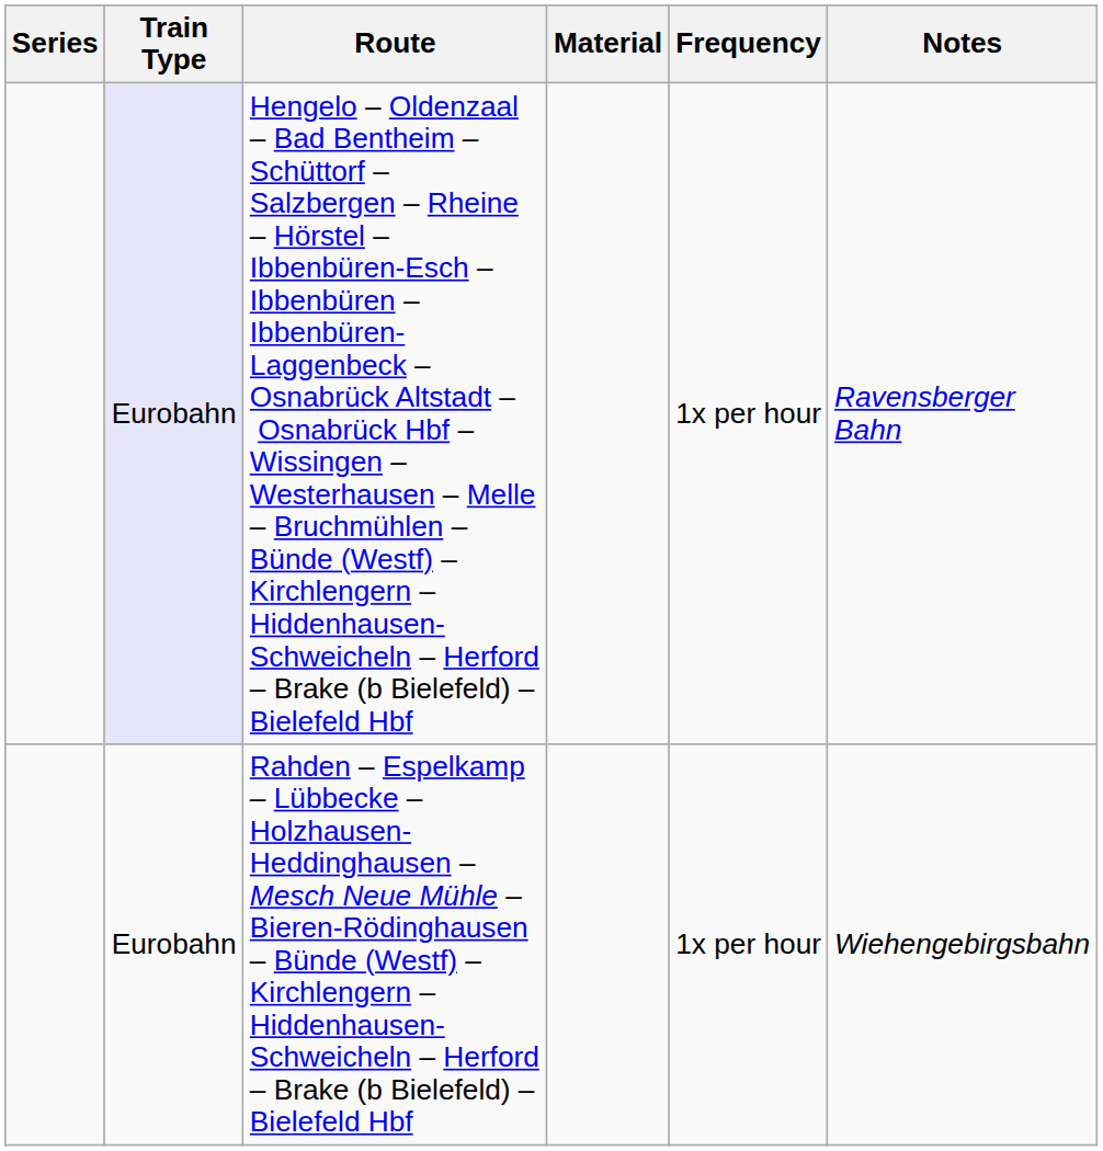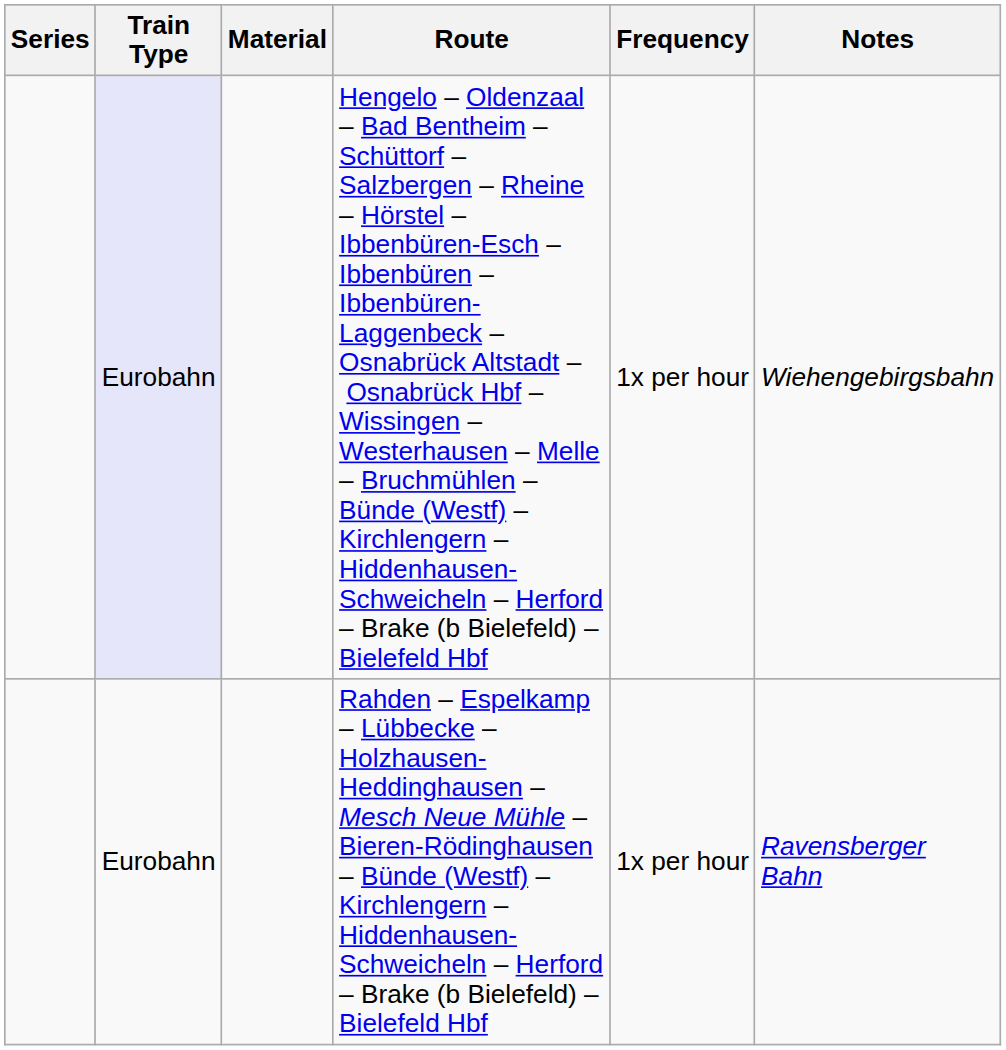 <table class="wikitable vatop">
 <tr>
 <th>Series</th>
 <th>Train Type</th>
+<th>Material</th>
 <th>Route</th>
-<th>Material</th>
 <th>Frequency</th>
 <th>Notes</th>
 </tr>
 <tr>
 <td></td>
 <td style="background: lavender;">Eurobahn</td>
+<td></td>
 <td><a href='#'>Hengelo</a> – <a href='#'>Oldenzaal</a> – <a href='#'>Bad Bentheim</a> – <a href='#'>Schüttorf</a> – <a href='#'>Salzbergen</a> – <a href='#'>Rheine</a> – <a href='#'>Hörstel</a> – <a href='#'>Ibbenbüren-Esch</a> – <a href='#'>Ibbenbüren</a> – <a href='#'>Ibbenbüren-Laggenbeck</a> – <a href='#'>Osnabrück Altstadt</a> – <a href='#'>Osnabrück Hbf</a> – <a href='#'>Wissingen</a> – <a href='#'>Westerhausen</a> – <a href='#'>Melle</a> – <a href='#'>Bruchmühlen</a> – <a href='#'>Bünde (Westf)</a> – <a href='#'>Kirchlengern</a> – <a href='#'>Hiddenhausen-Schweicheln</a> – <a href='#'>Herford</a> – Brake (b Bielefeld) – <a href='#'>Bielefeld Hbf</a></td>
-<td></td>
 <td>1x per hour</td>
-<td><em><a href='#'>Ravensberger Bahn</a></em></td>
+<td><em>Wiehengebirgsbahn</em></td>
 </tr>
 <tr>
 <td></td>
 <td>Eurobahn</td>
+<td></td>
 <td><a href='#'>Rahden</a> – <a href='#'>Espelkamp</a> – <a href='#'>Lübbecke</a> – <a href='#'>Holzhausen-Heddinghausen</a> – <em><a href='#'>Mesch Neue Mühle</a></em> – <a href='#'>Bieren-Rödinghausen</a> – <a href='#'>Bünde (Westf)</a> – <a href='#'>Kirchlengern</a> – <a href='#'>Hiddenhausen-Schweicheln</a> – <a href='#'>Herford</a> – Brake (b Bielefeld) – <a href='#'>Bielefeld Hbf</a></td>
-<td></td>
 <td>1x per hour</td>
-<td><em>Wiehengebirgsbahn</em></td>
+<td><em><a href='#'>Ravensberger Bahn</a></em></td>
 </tr>
 </table>
